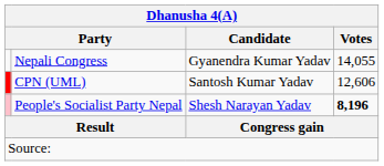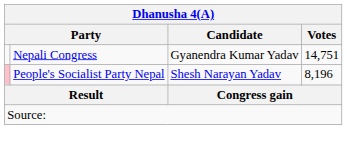 <table class="wikitable">
 <tr>
 <th colspan="4"><a href='#'>Dhanusha 4(A)</a></th>
 </tr>
 <tr>
 <th colspan="2">Party</th>
 <th>Candidate</th>
 <th>Votes</th>
 </tr>
 <tr>
 <td style="background-color:"></td>
 <td><a href='#'>Nepali Congress</a></td>
 <td>Gyanendra Kumar Yadav</td>
-<td>14,055</td>
-</tr>
-<tr>
-<td style="background-color:#FF0000"></td>
-<td><a href='#'>CPN (UML)</a></td>
-<td>Santosh Kumar Yadav</td>
-<td>12,606</td>
+<td>14,751</td>
 </tr>
 <tr>
 <td style="background-color:#FFC0CB"></td>
 <td><a href='#'>People's Socialist Party Nepal</a></td>
 <td><a href='#'>Shesh Narayan Yadav</a></td>
-<td><strong>8,196</strong></td>
+<td>8,196</td>
 </tr>
 <tr>
 <th colspan="2">Result</th>
 <th colspan="2">Congress gain</th>
 </tr>
 <tr>
 <td colspan="4">Source: </td>
 </tr>
 </table>
